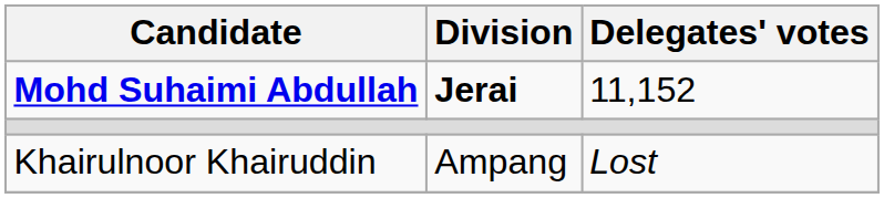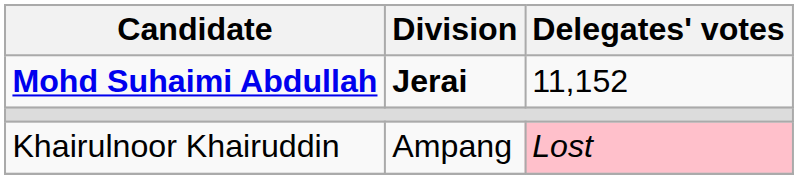 <table class="wikitable">
 <tr>
 <th>Candidate</th>
 <th>Division</th>
 <th>Delegates' votes</th>
 </tr>
 <tr>
 <td align="left"><strong><a href='#'>Mohd Suhaimi Abdullah</a></strong></td>
 <td><strong>Jerai</strong></td>
 <td colspan="1">11,152</td>
 </tr>
 <tr>
 <td colspan="4" bgcolor="dcdcdc"></td>
 </tr>
 <tr>
 <td>Khairulnoor Khairuddin</td>
 <td>Ampang</td>
-<td><em>Lost</em></td>
+<td style="background: pink;"><em>Lost</em></td>
 </tr>
 <tr>
 </tr>
 </table>
